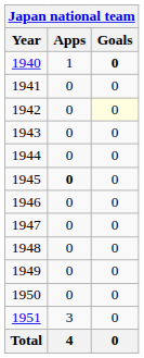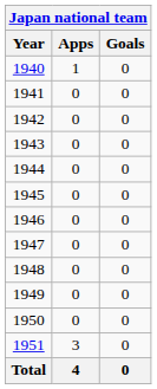 <table class="wikitable" style="text-align:center">
 <tr>
 <th colspan=3><a href='#'>Japan national team</a></th>
 </tr>
 <tr>
 <th>Year</th>
 <th>Apps</th>
 <th>Goals</th>
 </tr>
 <tr>
 <td><a href='#'>1940</a></td>
 <td>1</td>
-<td><strong>0</strong></td>
+<td>0</td>
 </tr>
 <tr>
 <td>1941</td>
 <td>0</td>
 <td>0</td>
 </tr>
 <tr>
 <td>1942</td>
 <td>0</td>
-<td style="background: lightyellow;">0</td>
+<td>0</td>
 </tr>
 <tr>
 <td>1943</td>
 <td>0</td>
 <td>0</td>
 </tr>
 <tr>
 <td>1944</td>
 <td>0</td>
 <td>0</td>
 </tr>
 <tr>
 <td>1945</td>
-<td><strong>0</strong></td>
+<td>0</td>
 <td>0</td>
 </tr>
 <tr>
 <td>1946</td>
 <td>0</td>
 <td>0</td>
 </tr>
 <tr>
 <td>1947</td>
 <td>0</td>
 <td>0</td>
 </tr>
 <tr>
 <td>1948</td>
 <td>0</td>
 <td>0</td>
 </tr>
 <tr>
 <td>1949</td>
 <td>0</td>
 <td>0</td>
 </tr>
 <tr>
 <td>1950</td>
 <td>0</td>
 <td>0</td>
 </tr>
 <tr>
 <td><a href='#'>1951</a></td>
 <td>3</td>
 <td>0</td>
 </tr>
 <tr>
 <th>Total</th>
 <th>4</th>
 <th>0</th>
 </tr>
 </table>
